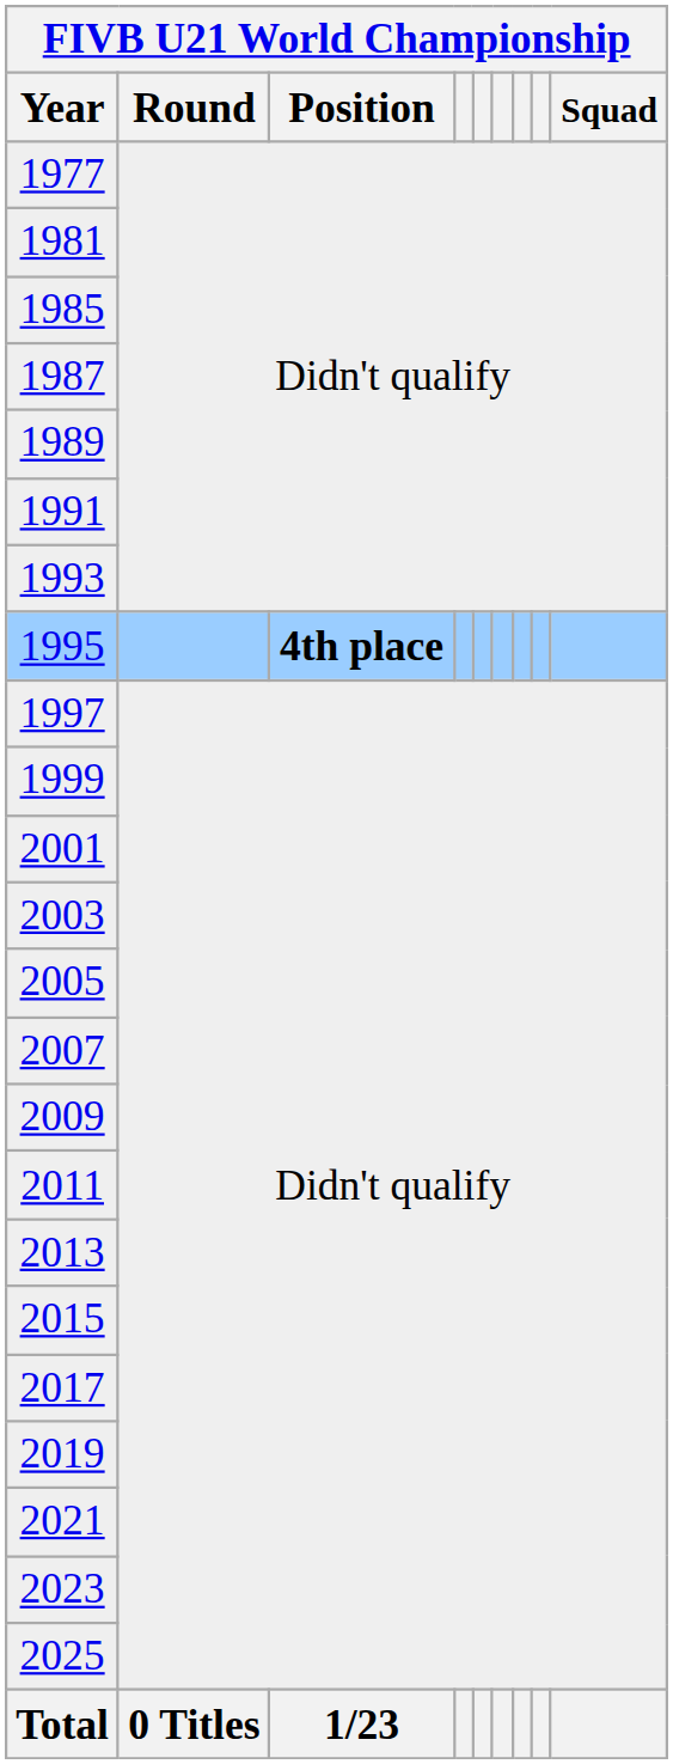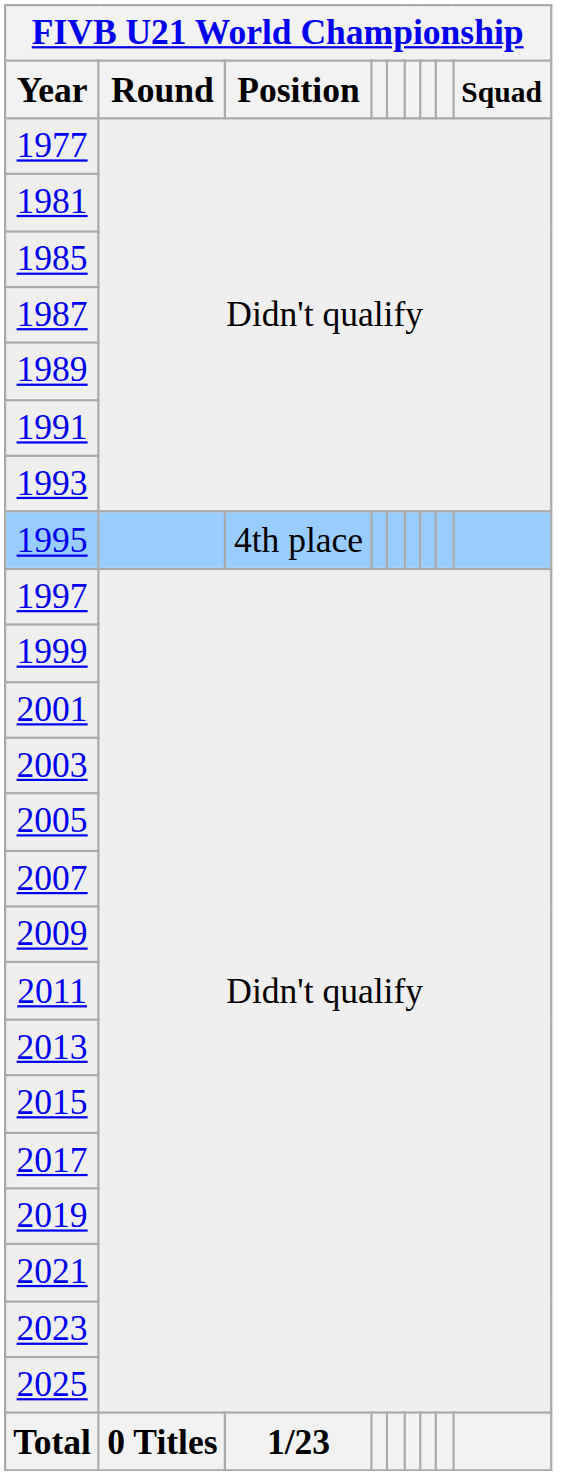 <table class="wikitable" style="text-align: center;">
 <tr>
 <th colspan=9><a href='#'>FIVB U21 World Championship</a></th>
 </tr>
 <tr>
 <th>Year</th>
 <th>Round</th>
 <th>Position</th>
 <th></th>
 <th></th>
 <th></th>
 <th></th>
 <th></th>
 <th><small>Squad</small></th>
 </tr>
 <tr bgcolor="efefef">
 <td> <a href='#'>1977</a></td>
 <td colspan=9 rowspan=7>Didn't qualify</td>
 </tr>
 <tr bgcolor="efefef">
 <td> <a href='#'>1981</a></td>
 </tr>
 <tr bgcolor="efefef">
 <td> <a href='#'>1985</a></td>
 </tr>
 <tr bgcolor="efefef">
 <td> <a href='#'>1987</a></td>
 </tr>
 <tr bgcolor="efefef">
 <td> <a href='#'>1989</a></td>
 </tr>
 <tr bgcolor="efefef">
 <td> <a href='#'>1991</a></td>
 </tr>
 <tr bgcolor="efefef">
 <td> <a href='#'>1993</a></td>
 </tr>
 <tr bgcolor=9acdff>
 <td> <a href='#'>1995</a></td>
 <td></td>
-<td><strong>4th place</strong></td>
+<td>4th place</td>
 <td></td>
 <td></td>
 <td></td>
 <td></td>
 <td></td>
 <td></td>
 </tr>
 <tr bgcolor="efefef">
 <td> <a href='#'>1997</a></td>
 <td colspan=9 rowspan=15>Didn't qualify</td>
 </tr>
 <tr bgcolor="efefef">
 <td> <a href='#'>1999</a></td>
 </tr>
 <tr bgcolor="efefef">
 <td> <a href='#'>2001</a></td>
 </tr>
 <tr bgcolor="efefef">
 <td> <a href='#'>2003</a></td>
 </tr>
 <tr bgcolor="efefef">
 <td> <a href='#'>2005</a></td>
 </tr>
 <tr bgcolor="efefef">
 <td> <a href='#'>2007</a></td>
 </tr>
 <tr bgcolor="efefef">
 <td> <a href='#'>2009</a></td>
 </tr>
 <tr bgcolor="efefef">
 <td> <a href='#'>2011</a></td>
 </tr>
 <tr bgcolor="efefef">
 <td> <a href='#'>2013</a></td>
 </tr>
 <tr bgcolor="efefef">
 <td> <a href='#'>2015</a></td>
 </tr>
 <tr bgcolor="efefef">
 <td> <a href='#'>2017</a></td>
 </tr>
 <tr bgcolor="efefef">
 <td> <a href='#'>2019</a></td>
 </tr>
 <tr bgcolor="efefef">
 <td>  <a href='#'>2021</a></td>
 </tr>
 <tr bgcolor="efefef">
 <td> <a href='#'>2023</a></td>
 </tr>
 <tr bgcolor="efefef">
 <td> <a href='#'>2025</a></td>
 </tr>
 <tr>
 <th>Total</th>
 <th>0 Titles</th>
 <th>1/23</th>
 <th></th>
 <th></th>
 <th></th>
 <th></th>
 <th></th>
 <th></th>
 </tr>
 </table>
